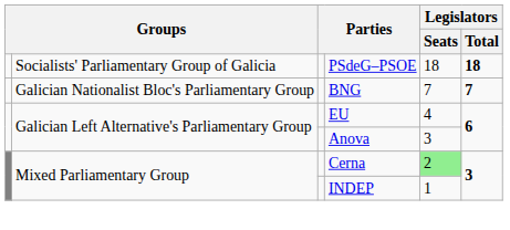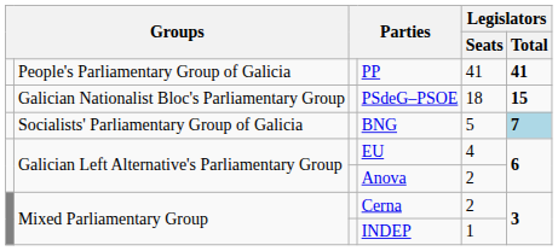 <table class="wikitable" style="text-align:left;">
 <tr>
 <th rowspan="2" colspan="2">Groups</th>
 <th rowspan="2" colspan="2">Parties</th>
 <th colspan="2">Legislators</th>
 </tr>
 <tr>
 <th>Seats</th>
 <th>Total</th>
 </tr>
 <tr>
-<td style="color:inherit;background:"></td>
-<td>Socialists' Parliamentary Group of Galicia</td>
-<td style="color:inherit;background:"></td>
-<td><a href='#'>PSdeG–PSOE</a></td>
-<td>18</td>
-<td><strong>18</strong></td>
+<td width="1" style="color:inherit;background:"></td>
+<td>People's Parliamentary Group of Galicia</td>
+<td width="1" style="color:inherit;background:"></td>
+<td><a href='#'>PP</a></td>
+<td>41</td>
+<td><strong>41</strong></td>
 </tr>
 <tr>
 <td style="color:inherit;background:"></td>
 <td>Galician Nationalist Bloc's Parliamentary Group</td>
 <td style="color:inherit;background:"></td>
+<td><a href='#'>PSdeG–PSOE</a></td>
+<td>18</td>
+<td><strong>15</strong></td>
+</tr>
+<tr>
+<td style="color:inherit;background:"></td>
+<td>Socialists' Parliamentary Group of Galicia</td>
+<td style="color:inherit;background:"></td>
 <td><a href='#'>BNG</a></td>
-<td>7</td>
-<td><strong>7</strong></td>
+<td>5</td>
+<td style="background: lightblue;"><strong>7</strong></td>
 </tr>
 <tr>
 <td rowspan="2" style="color:inherit;background:"></td>
 <td rowspan="2">Galician Left Alternative's Parliamentary Group</td>
 <td style="color:inherit;background:"></td>
 <td><a href='#'>EU</a></td>
 <td>4</td>
 <td rowspan="2"><strong>6</strong></td>
 </tr>
 <tr>
 <td style="color:inherit;background:"></td>
 <td><a href='#'>Anova</a></td>
-<td>3</td>
+<td>2</td>
 </tr>
 <tr>
 <td rowspan="2" bgcolor="gray"></td>
 <td rowspan="2">Mixed Parliamentary Group</td>
 <td style="color:inherit;background:"></td>
 <td><a href='#'>Cerna</a></td>
-<td style="background: lightgreen;">2</td>
+<td>2</td>
 <td rowspan="2"><strong>3</strong></td>
 </tr>
 <tr>
 <td style="color:inherit;background:"></td>
 <td><a href='#'>INDEP</a></td>
 <td>1</td>
 </tr>
 </table>
